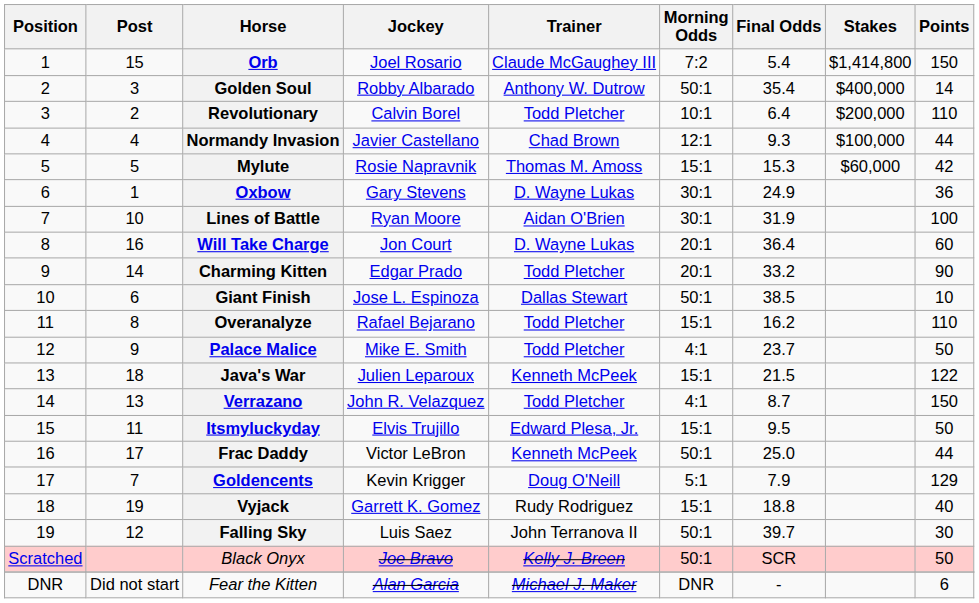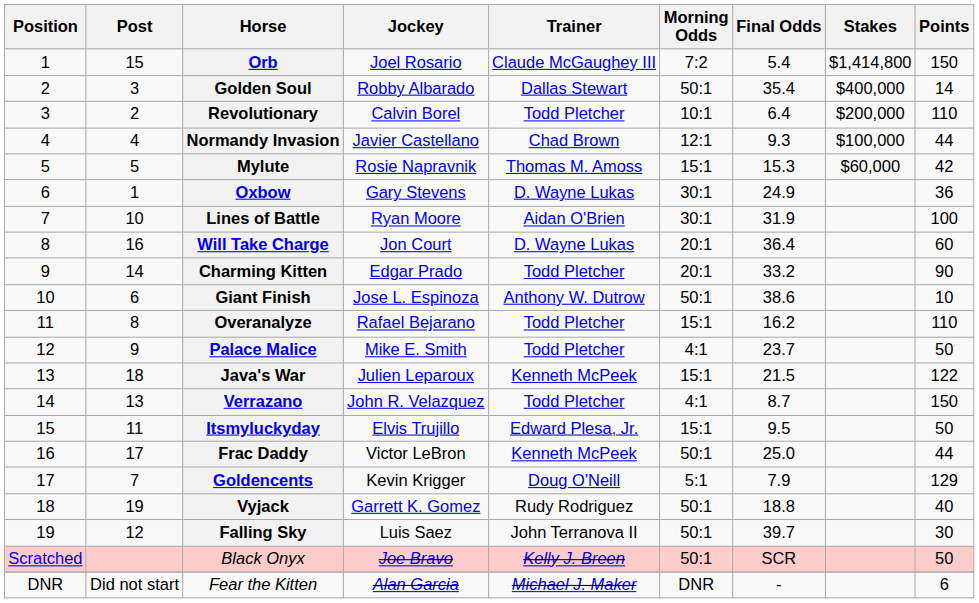 <table class="sortable wikitable" style="text-align: center;">
 <tr>
 <th scope="col">Position</th>
 <th scope="col">Post</th>
 <th scope="col">Horse</th>
 <th scope="col">Jockey</th>
 <th scope=>Trainer</th>
 <th scope="col">Morning<br>Odds</th>
 <th scope="col">Final Odds</th>
 <th scope="col">Stakes</th>
 <th scope="col">Points</th>
 </tr>
 <tr>
 <td>1</td>
 <td>15</td>
 <th scope="row"><a href='#'>Orb</a></th>
 <td><a href='#'>Joel Rosario</a></td>
 <td><a href='#'>Claude McGaughey III</a></td>
 <td align="center">7:2</td>
 <td>5.4</td>
 <td>$1,414,800</td>
 <td>150</td>
 </tr>
 <tr>
 <td>2</td>
 <td>3</td>
 <th scope="row">Golden Soul</th>
 <td><a href='#'>Robby Albarado</a></td>
-<td><a href='#'>Anthony W. Dutrow</a></td>
+<td><a href='#'>Dallas Stewart</a></td>
 <td align="center">50:1</td>
 <td>35.4</td>
 <td>$400,000</td>
 <td>14</td>
 </tr>
 <tr>
 <td>3</td>
 <td>2</td>
 <th scope="row">Revolutionary</th>
 <td><a href='#'>Calvin Borel</a></td>
 <td><a href='#'>Todd Pletcher</a></td>
 <td align="center">10:1</td>
 <td>6.4</td>
 <td>$200,000</td>
 <td>110</td>
 </tr>
 <tr>
 <td>4</td>
 <td>4</td>
 <th scope="row">Normandy Invasion</th>
 <td><a href='#'>Javier Castellano</a></td>
 <td><a href='#'>Chad Brown</a></td>
 <td align="center">12:1</td>
 <td>9.3</td>
 <td>$100,000</td>
 <td>44</td>
 </tr>
 <tr>
 <td>5</td>
 <td>5</td>
 <th scope="row">Mylute</th>
 <td><a href='#'>Rosie Napravnik</a></td>
 <td><a href='#'>Thomas M. Amoss</a></td>
 <td align="center">15:1</td>
 <td>15.3</td>
 <td>$60,000</td>
 <td>42</td>
 </tr>
 <tr>
 <td>6</td>
 <td>1</td>
 <th scope="row"><a href='#'>Oxbow</a></th>
 <td><a href='#'>Gary Stevens</a></td>
 <td><a href='#'>D. Wayne Lukas</a></td>
 <td align="center">30:1</td>
 <td>24.9</td>
 <td></td>
 <td>36</td>
 </tr>
 <tr>
 <td>7</td>
 <td>10</td>
 <th scope="row">Lines of Battle</th>
 <td><a href='#'>Ryan Moore</a></td>
 <td><a href='#'>Aidan O'Brien</a></td>
 <td align="center">30:1</td>
 <td>31.9</td>
 <td></td>
 <td>100</td>
 </tr>
 <tr>
 <td>8</td>
 <td>16</td>
 <th scope="row"><a href='#'>Will Take Charge</a></th>
 <td><a href='#'>Jon Court</a></td>
 <td><a href='#'>D. Wayne Lukas</a></td>
 <td align="center">20:1</td>
 <td>36.4</td>
 <td></td>
 <td>60</td>
 </tr>
 <tr>
 <td>9</td>
 <td>14</td>
 <th scope="row">Charming Kitten</th>
 <td><a href='#'>Edgar Prado</a></td>
 <td><a href='#'>Todd Pletcher</a></td>
 <td align="center">20:1</td>
 <td>33.2</td>
 <td></td>
 <td>90</td>
 </tr>
 <tr>
 <td>10</td>
 <td>6</td>
 <th scope="row">Giant Finish</th>
 <td><a href='#'>Jose L. Espinoza</a></td>
-<td><a href='#'>Dallas Stewart</a></td>
+<td><a href='#'>Anthony W. Dutrow</a></td>
 <td align="center">50:1</td>
-<td>38.5</td>
+<td>38.6</td>
 <td></td>
 <td>10</td>
 </tr>
 <tr>
 <td>11</td>
 <td>8</td>
 <th scope="row">Overanalyze</th>
 <td><a href='#'>Rafael Bejarano</a></td>
 <td><a href='#'>Todd Pletcher</a></td>
 <td align="center">15:1</td>
 <td>16.2</td>
 <td></td>
 <td>110</td>
 </tr>
 <tr>
 <td>12</td>
 <td>9</td>
 <th scope="row"><a href='#'>Palace Malice</a></th>
 <td><a href='#'>Mike E. Smith</a></td>
 <td><a href='#'>Todd Pletcher</a></td>
 <td align="center">4:1</td>
 <td>23.7</td>
 <td></td>
 <td>50</td>
 </tr>
 <tr>
 <td>13</td>
 <td>18</td>
 <th scope="row">Java's War</th>
 <td><a href='#'>Julien Leparoux</a></td>
 <td><a href='#'>Kenneth McPeek</a></td>
 <td align="center">15:1</td>
 <td>21.5</td>
 <td></td>
 <td>122</td>
 </tr>
 <tr>
 <td>14</td>
 <td>13</td>
 <th scope="row"><a href='#'>Verrazano</a></th>
 <td><a href='#'>John R. Velazquez</a></td>
 <td><a href='#'>Todd Pletcher</a></td>
 <td align="center">4:1</td>
 <td>8.7</td>
 <td></td>
 <td>150</td>
 </tr>
 <tr>
 <td>15</td>
 <td>11</td>
 <th scope="row"><a href='#'>Itsmyluckyday</a></th>
 <td><a href='#'>Elvis Trujillo</a></td>
 <td><a href='#'>Edward Plesa, Jr.</a></td>
 <td align="center">15:1</td>
 <td>9.5</td>
 <td></td>
 <td>50</td>
 </tr>
 <tr>
 <td>16</td>
 <td>17</td>
 <th scope="row">Frac Daddy</th>
 <td>Victor LeBron</td>
 <td><a href='#'>Kenneth McPeek</a></td>
 <td align="center">50:1</td>
 <td>25.0</td>
 <td></td>
 <td>44</td>
 </tr>
 <tr>
 <td>17</td>
 <td>7</td>
 <th scope="row"><a href='#'>Goldencents</a></th>
 <td>Kevin Krigger</td>
 <td><a href='#'>Doug O'Neill</a></td>
 <td align="center">5:1</td>
 <td>7.9</td>
 <td></td>
 <td>129</td>
 </tr>
 <tr>
 <td>18</td>
 <td>19</td>
 <th scope="row">Vyjack</th>
 <td><a href='#'>Garrett K. Gomez</a></td>
 <td>Rudy Rodriguez</td>
-<td align="center">15:1</td>
+<td align="center">50:1</td>
 <td>18.8</td>
 <td></td>
 <td>40</td>
 </tr>
 <tr>
 <td>19</td>
 <td>12</td>
 <th scope="row">Falling Sky</th>
 <td>Luis Saez</td>
 <td>John Terranova II</td>
 <td align="center">50:1</td>
 <td>39.7</td>
 <td></td>
 <td>30</td>
 </tr>
 <tr bgcolor=#FFCCCC>
 <td align="center"><a href='#'>Scratched</a></td>
 <td></td>
 <td align="center"><em>Black Onyx</em></td>
 <td><em><s><a href='#'>Joe Bravo</a></s></em></td>
 <td><em><s><a href='#'>Kelly J. Breen</a></s></em></td>
 <td align="center">50:1</td>
 <td>SCR</td>
 <td></td>
 <td>50</td>
 </tr>
 <tr>
 </tr>
 <tr>
 <td align="center">DNR</td>
 <td>Did not start</td>
 <td align="center"><em>Fear the Kitten</em></td>
 <td><em><s><a href='#'>Alan Garcia</a></s></em></td>
 <td><em><s><a href='#'>Michael J. Maker</a></s></em></td>
 <td align="center">DNR</td>
 <td>-</td>
 <td></td>
 <td>6</td>
 </tr>
 </table>
